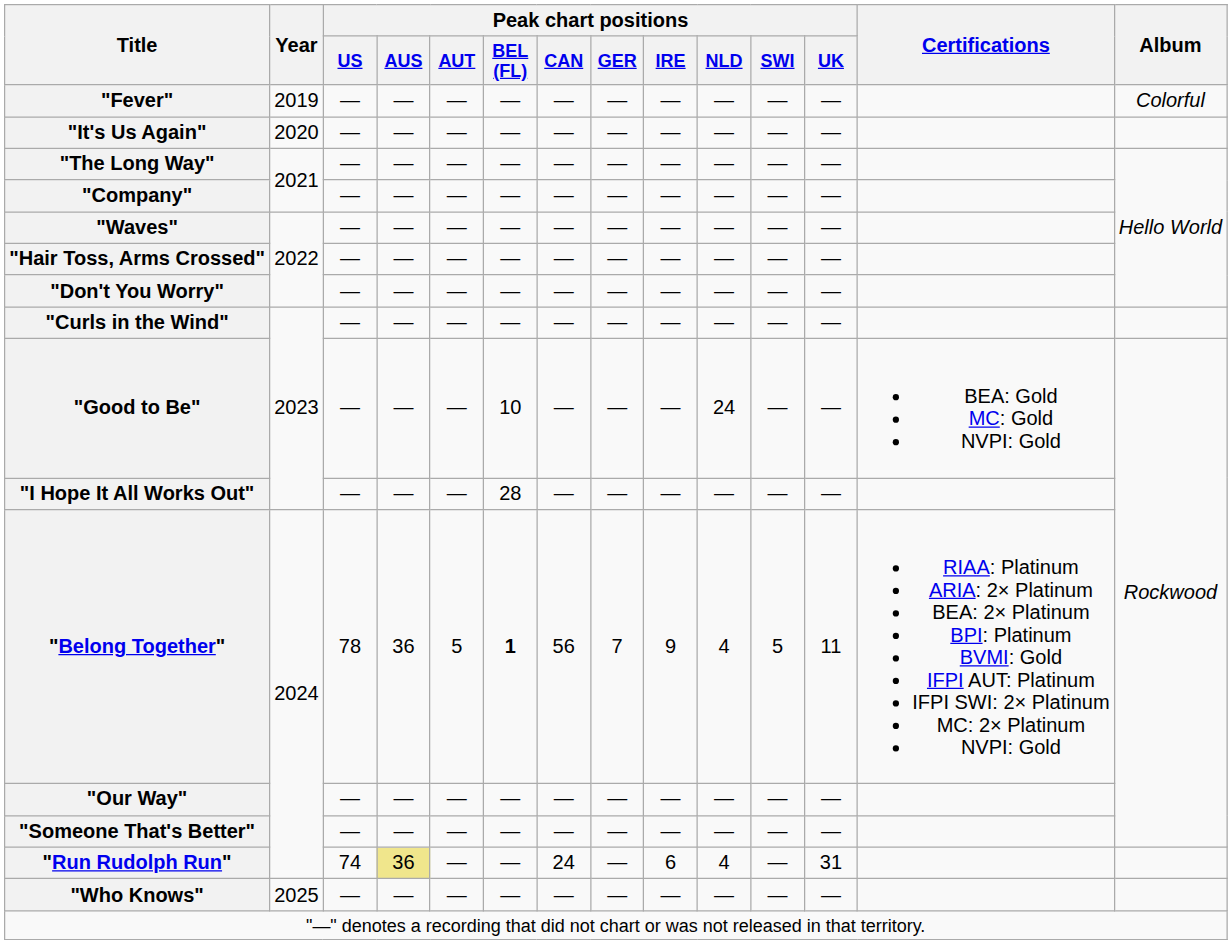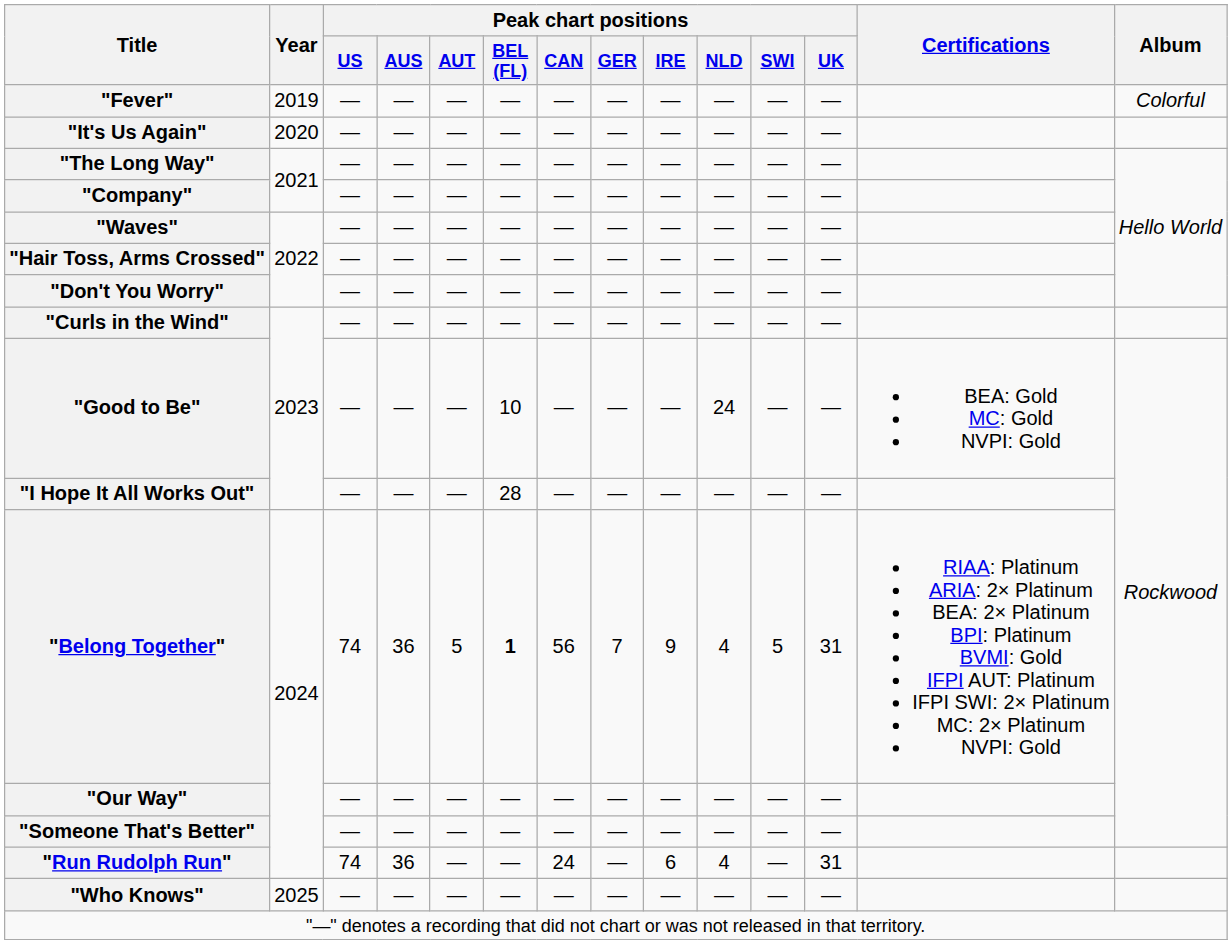 <table class="wikitable plainrowheaders" style="text-align:center">
 <tr>
 <th scope="col" rowspan="2">Title</th>
 <th scope="col" rowspan="2">Year</th>
 <th scope="col" colspan="10">Peak chart positions</th>
 <th scope="col" rowspan="2"><a href='#'>Certifications</a></th>
 <th scope="col" rowspan="2">Album</th>
 </tr>
 <tr>
 <th scope="col" style="width:2.5em;font-size:90%;"><a href='#'>US</a><br></th>
 <th scope="col" style="width:2.5em;font-size:90%;"><a href='#'>AUS</a><br></th>
 <th scope="col" style="width:2.5em;font-size:90%;"><a href='#'>AUT</a><br></th>
 <th scope="col" style="width:2.5em;font-size:90%;"><a href='#'>BEL<br>(FL)</a><br></th>
 <th scope="col" style="width:2.5em;font-size:90%;"><a href='#'>CAN</a><br></th>
 <th scope="col" style="width:2.5em;font-size:90%;"><a href='#'>GER</a><br></th>
 <th scope="col" style="width:2.5em;font-size:90%;"><a href='#'>IRE</a><br></th>
 <th scope="col" style="width:2.5em;font-size:90%;"><a href='#'>NLD</a><br></th>
 <th scope="col" style="width:2.5em;font-size:90%;"><a href='#'>SWI</a><br></th>
 <th scope="col" style="width:2.5em;font-size:90%;"><a href='#'>UK</a><br></th>
 </tr>
 <tr>
 <th scope="row">"Fever"</th>
 <td>2019</td>
 <td>—</td>
 <td>—</td>
 <td>—</td>
 <td>—</td>
 <td>—</td>
 <td>—</td>
 <td>—</td>
 <td>—</td>
 <td>—</td>
 <td>—</td>
 <td></td>
 <td><em>Colorful</em></td>
 </tr>
 <tr>
 <th scope="row">"It's Us Again"</th>
 <td>2020</td>
 <td>—</td>
 <td>—</td>
 <td>—</td>
 <td>—</td>
 <td>—</td>
 <td>—</td>
 <td>—</td>
 <td>—</td>
 <td>—</td>
 <td>—</td>
 <td></td>
 <td></td>
 </tr>
 <tr>
 <th scope="row">"The Long Way"</th>
 <td rowspan="2">2021</td>
 <td>—</td>
 <td>—</td>
 <td>—</td>
 <td>—</td>
 <td>—</td>
 <td>—</td>
 <td>—</td>
 <td>—</td>
 <td>—</td>
 <td>—</td>
 <td></td>
 <td rowspan="5"><em>Hello World</em></td>
 </tr>
 <tr>
 <th scope="row">"Company"</th>
 <td>—</td>
 <td>—</td>
 <td>—</td>
 <td>—</td>
 <td>—</td>
 <td>—</td>
 <td>—</td>
 <td>—</td>
 <td>—</td>
 <td>—</td>
 <td></td>
 </tr>
 <tr>
 <th scope="row">"Waves"</th>
 <td rowspan="3">2022</td>
 <td>—</td>
 <td>—</td>
 <td>—</td>
 <td>—</td>
 <td>—</td>
 <td>—</td>
 <td>—</td>
 <td>—</td>
 <td>—</td>
 <td>—</td>
 <td></td>
 </tr>
 <tr>
 <th scope="row">"Hair Toss, Arms Crossed"</th>
 <td>—</td>
 <td>—</td>
 <td>—</td>
 <td>—</td>
 <td>—</td>
 <td>—</td>
 <td>—</td>
 <td>—</td>
 <td>—</td>
 <td>—</td>
 <td></td>
 </tr>
 <tr>
 <th scope="row">"Don't You Worry"</th>
 <td>—</td>
 <td>—</td>
 <td>—</td>
 <td>—</td>
 <td>—</td>
 <td>—</td>
 <td>—</td>
 <td>—</td>
 <td>—</td>
 <td>—</td>
 <td></td>
 </tr>
 <tr>
 <th scope="row">"Curls in the Wind"</th>
 <td rowspan="3">2023</td>
 <td>—</td>
 <td>—</td>
 <td>—</td>
 <td>—</td>
 <td>—</td>
 <td>—</td>
 <td>—</td>
 <td>—</td>
 <td>—</td>
 <td>—</td>
 <td></td>
 <td></td>
 </tr>
 <tr>
 <th scope="row">"Good to Be"</th>
 <td>—</td>
 <td>—</td>
 <td>—</td>
 <td>10</td>
 <td>—</td>
 <td>—</td>
 <td>—</td>
 <td>24</td>
 <td>—</td>
 <td>—</td>
 <td><br><ul><li>BEA: Gold</li><li><a href='#'>MC</a>: Gold</li><li>NVPI: Gold</li></ul></td>
 <td rowspan="5"><em>Rockwood</em></td>
 </tr>
 <tr>
 <th scope="row">"I Hope It All Works Out"</th>
 <td>—</td>
 <td>—</td>
 <td>—</td>
 <td>28</td>
 <td>—</td>
 <td>—</td>
 <td>—</td>
 <td>—</td>
 <td>—</td>
 <td>—</td>
 <td></td>
 </tr>
 <tr>
 <th scope="row">"<a href='#'>Belong Together</a>"</th>
 <td rowspan="4">2024</td>
-<td>78</td>
+<td>74</td>
 <td>36</td>
 <td>5</td>
 <td><strong>1</strong></td>
 <td>56</td>
 <td>7</td>
 <td>9</td>
 <td>4</td>
 <td>5</td>
-<td>11</td>
+<td>31</td>
 <td><br><ul><li><a href='#'>RIAA</a>: Platinum</li><li><a href='#'>ARIA</a>: 2× Platinum</li><li>BEA: 2× Platinum</li><li><a href='#'>BPI</a>: Platinum</li><li><a href='#'>BVMI</a>: Gold</li><li><a href='#'>IFPI</a> AUT: Platinum</li><li>IFPI SWI: 2× Platinum</li><li>MC: 2× Platinum</li><li>NVPI: Gold</li></ul></td>
 </tr>
 <tr>
 <th scope="row">"Our Way"</th>
 <td>—</td>
 <td>—</td>
 <td>—</td>
 <td>—</td>
 <td>—</td>
 <td>—</td>
 <td>—</td>
 <td>—</td>
 <td>—</td>
 <td>—</td>
 <td></td>
 </tr>
 <tr>
 <th scope="row">"Someone That's Better"</th>
 <td>—</td>
 <td>—</td>
 <td>—</td>
 <td>—</td>
 <td>—</td>
 <td>—</td>
 <td>—</td>
 <td>—</td>
 <td>—</td>
 <td>—</td>
 <td></td>
 </tr>
 <tr>
 <th scope="row">"<a href='#'>Run Rudolph Run</a>"</th>
 <td>74</td>
-<td style="background: khaki;">36</td>
+<td>36</td>
 <td>—</td>
 <td>—</td>
 <td>24</td>
 <td>—</td>
 <td>6</td>
 <td>4</td>
 <td>—</td>
 <td>31</td>
 <td></td>
 <td></td>
 </tr>
 <tr>
 <th scope="row">"Who Knows"</th>
 <td>2025</td>
 <td>—</td>
 <td>—</td>
 <td>—</td>
 <td>—</td>
 <td>—</td>
 <td>—</td>
 <td>—</td>
 <td>—</td>
 <td>—</td>
 <td>—</td>
 <td></td>
 <td></td>
 </tr>
 <tr>
 <td colspan="14" style="font-size:90%">"—" denotes a recording that did not chart or was not released in that territory.</td>
 </tr>
 </table>
